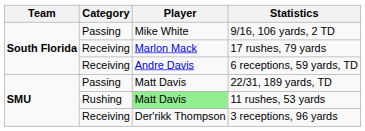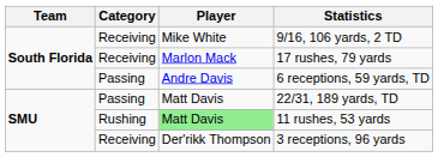 <table class="wikitable" style="float: left;">
 <tr>
 <th>Team</th>
 <th>Category</th>
 <th>Player</th>
 <th>Statistics</th>
 </tr>
 <tr>
 <td rowspan=3><strong>South Florida</strong></td>
-<td>Passing</td>
+<td>Receiving</td>
 <td>Mike White</td>
 <td>9/16, 106 yards, 2 TD</td>
 </tr>
 <tr>
 <td>Receiving</td>
 <td><a href='#'>Marlon Mack</a></td>
 <td>17 rushes, 79 yards</td>
 </tr>
 <tr>
-<td>Receiving</td>
+<td>Passing</td>
 <td><a href='#'>Andre Davis</a></td>
 <td>6 receptions, 59 yards, TD</td>
 </tr>
 <tr>
 <td rowspan=3><strong>SMU</strong></td>
 <td>Passing</td>
 <td>Matt Davis</td>
 <td>22/31, 189 yards, TD</td>
 </tr>
 <tr>
 <td>Rushing</td>
 <td style="background: lightgreen;">Matt Davis</td>
 <td>11 rushes, 53 yards</td>
 </tr>
 <tr>
 <td>Receiving</td>
 <td>Der'rikk Thompson</td>
 <td>3 receptions, 96 yards</td>
 </tr>
 </table>
